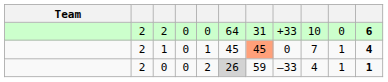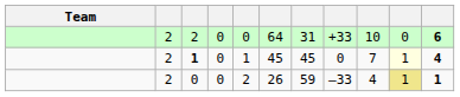 <table class="wikitable" style="text-align:center;">
 <tr>
 <th style="width:11.0em;">Team</th>
 <th style="width:1.5em;"></th>
 <th style="width:1.5em;"></th>
 <th style="width:1.5em;"></th>
 <th style="width:1.5em;"></th>
 <th style="width:2.0em;"></th>
 <th style="width:2.0em;"></th>
 <th style="width:2.0em;"></th>
 <th style="width:2.0em;"></th>
 <th style="width:2.0em;"></th>
 <th style="width:2.0em;"></th>
 </tr>
 <tr bgcolor=#cfc>
 <td align="left"></td>
 <td>2</td>
 <td>2</td>
 <td>0</td>
 <td>0</td>
 <td>64</td>
 <td>31</td>
 <td>+33</td>
 <td>10</td>
 <td>0</td>
 <td><strong>6</strong></td>
 </tr>
 <tr>
 <td align="left"></td>
 <td>2</td>
-<td>1</td>
+<td><strong>1</strong></td>
 <td>0</td>
 <td>1</td>
 <td>45</td>
-<td style="background: lightsalmon;">45</td>
+<td>45</td>
 <td>0</td>
 <td>7</td>
-<td>1</td>
+<td style="background: lightyellow;">1</td>
 <td><strong>4</strong></td>
 </tr>
 <tr>
 <td align="left"></td>
 <td>2</td>
 <td>0</td>
 <td>0</td>
 <td>2</td>
-<td style="background: lightgrey;">26</td>
+<td>26</td>
 <td>59</td>
 <td>–33</td>
 <td>4</td>
-<td>1</td>
+<td style="background: khaki;">1</td>
 <td><strong>1</strong></td>
 </tr>
 </table>
